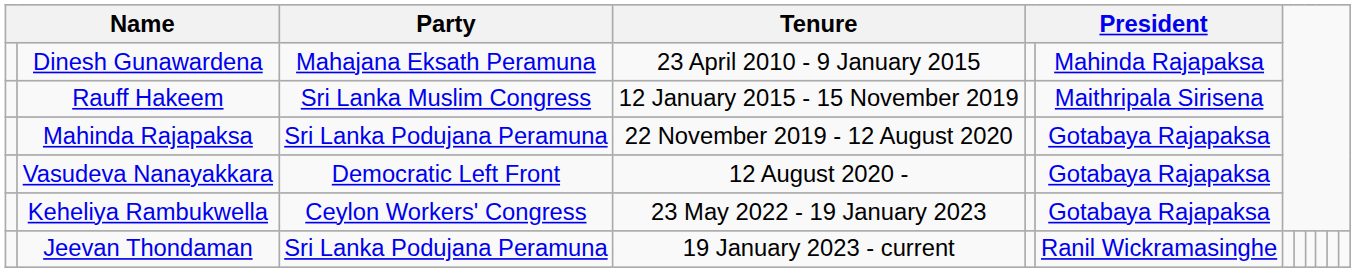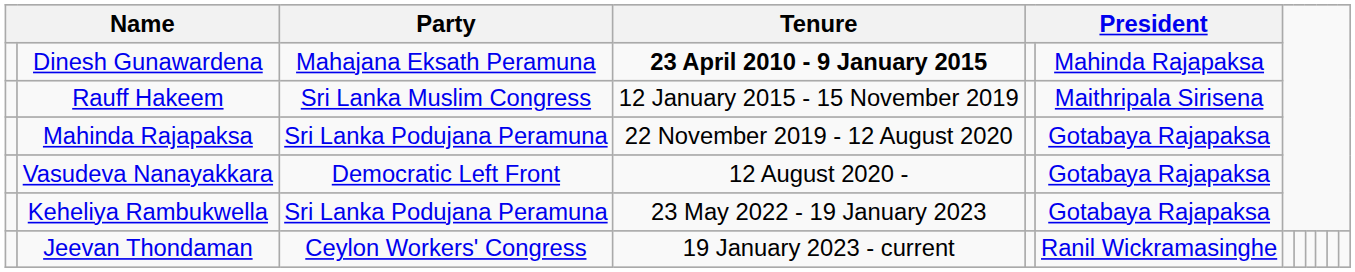 <table class="wikitable" style="margin:1em auto; font-size:90%; text-align:center;">
 <tr>
 <th colspan="2">Name</th>
 <th>Party</th>
 <th>Tenure</th>
 <th colspan="2"><a href='#'>President</a></th>
 </tr>
 <tr>
 <td !align="centre" style="background:"></td>
 <td><a href='#'>Dinesh Gunawardena</a></td>
 <td><a href='#'>Mahajana Eksath Peramuna</a></td>
-<td>23 April 2010 - 9 January 2015</td>
+<td><strong>23 April 2010 - 9 January 2015</strong></td>
 <td !align="center" style="background:"></td>
 <td><a href='#'>Mahinda Rajapaksa</a></td>
 </tr>
 <tr>
 <td !align="centre" style="background:"></td>
 <td><a href='#'>Rauff Hakeem</a></td>
 <td><a href='#'>Sri Lanka Muslim Congress</a></td>
 <td>12 January 2015 - 15 November 2019</td>
 <td !align="center" style="background:"></td>
 <td><a href='#'>Maithripala Sirisena</a></td>
 </tr>
 <tr>
 <td !align="center" style="background:"></td>
 <td><a href='#'>Mahinda Rajapaksa</a></td>
 <td><a href='#'>Sri Lanka Podujana Peramuna</a></td>
 <td>22 November 2019 - 12 August 2020</td>
 <td !align="center" style="background:"></td>
 <td><a href='#'>Gotabaya Rajapaksa</a></td>
 </tr>
 <tr>
 <td !align="center" style="background:"></td>
 <td><a href='#'>Vasudeva Nanayakkara</a></td>
 <td><a href='#'>Democratic Left Front</a></td>
 <td>12 August 2020 -</td>
 <td !align="center" style="background:"></td>
 <td><a href='#'>Gotabaya Rajapaksa</a></td>
 </tr>
 <tr>
 <td !align="center" style="background:"></td>
 <td><a href='#'>Keheliya Rambukwella</a></td>
-<td><a href='#'>Ceylon Workers' Congress</a></td>
+<td><a href='#'>Sri Lanka Podujana Peramuna</a></td>
 <td>23 May 2022 - 19 January 2023</td>
 <td !align="center" style="background:"></td>
 <td><a href='#'>Gotabaya Rajapaksa</a></td>
 </tr>
 <tr>
 <td !align="center" style="background:"></td>
 <td><a href='#'>Jeevan Thondaman</a></td>
-<td><a href='#'>Sri Lanka Podujana Peramuna</a></td>
+<td><a href='#'>Ceylon Workers' Congress</a></td>
 <td>19 January 2023 - current</td>
 <td !align="center" style="background:"></td>
 <td><a href='#'>Ranil Wickramasinghe</a></td>
 <td></td>
 <td></td>
 <td></td>
 <td></td>
 <td></td>
 <td></td>
 </tr>
 </table>
